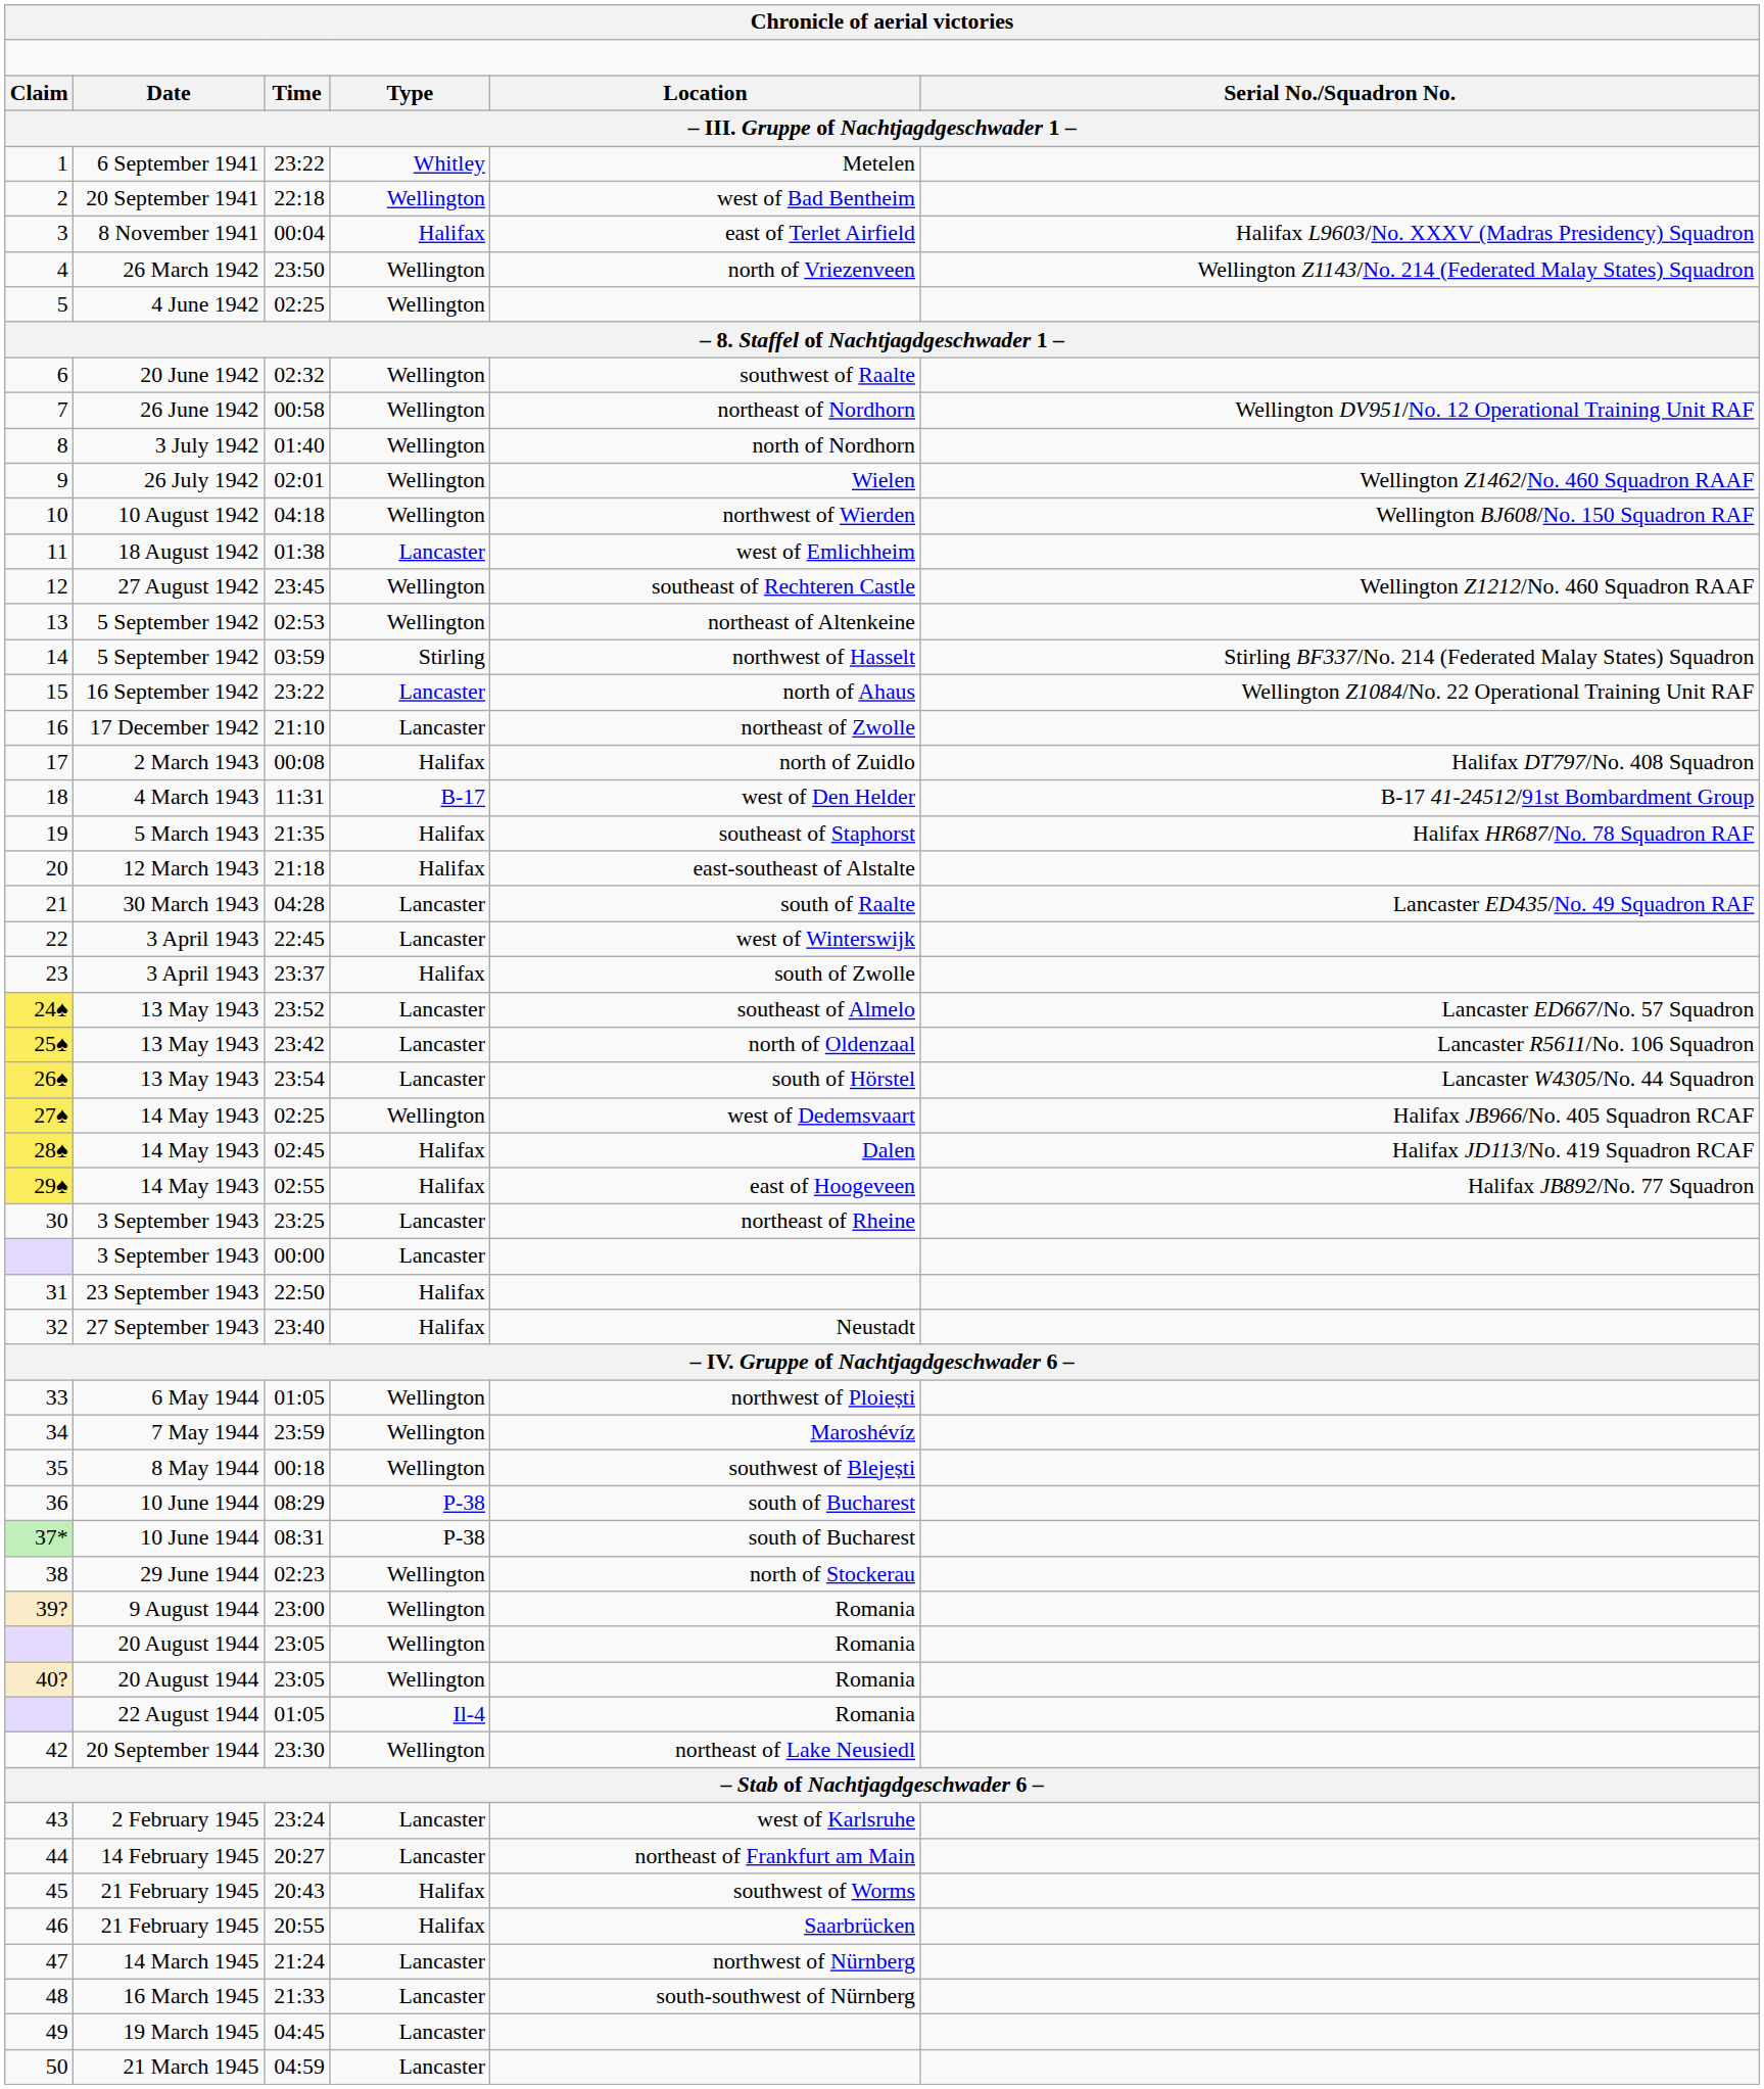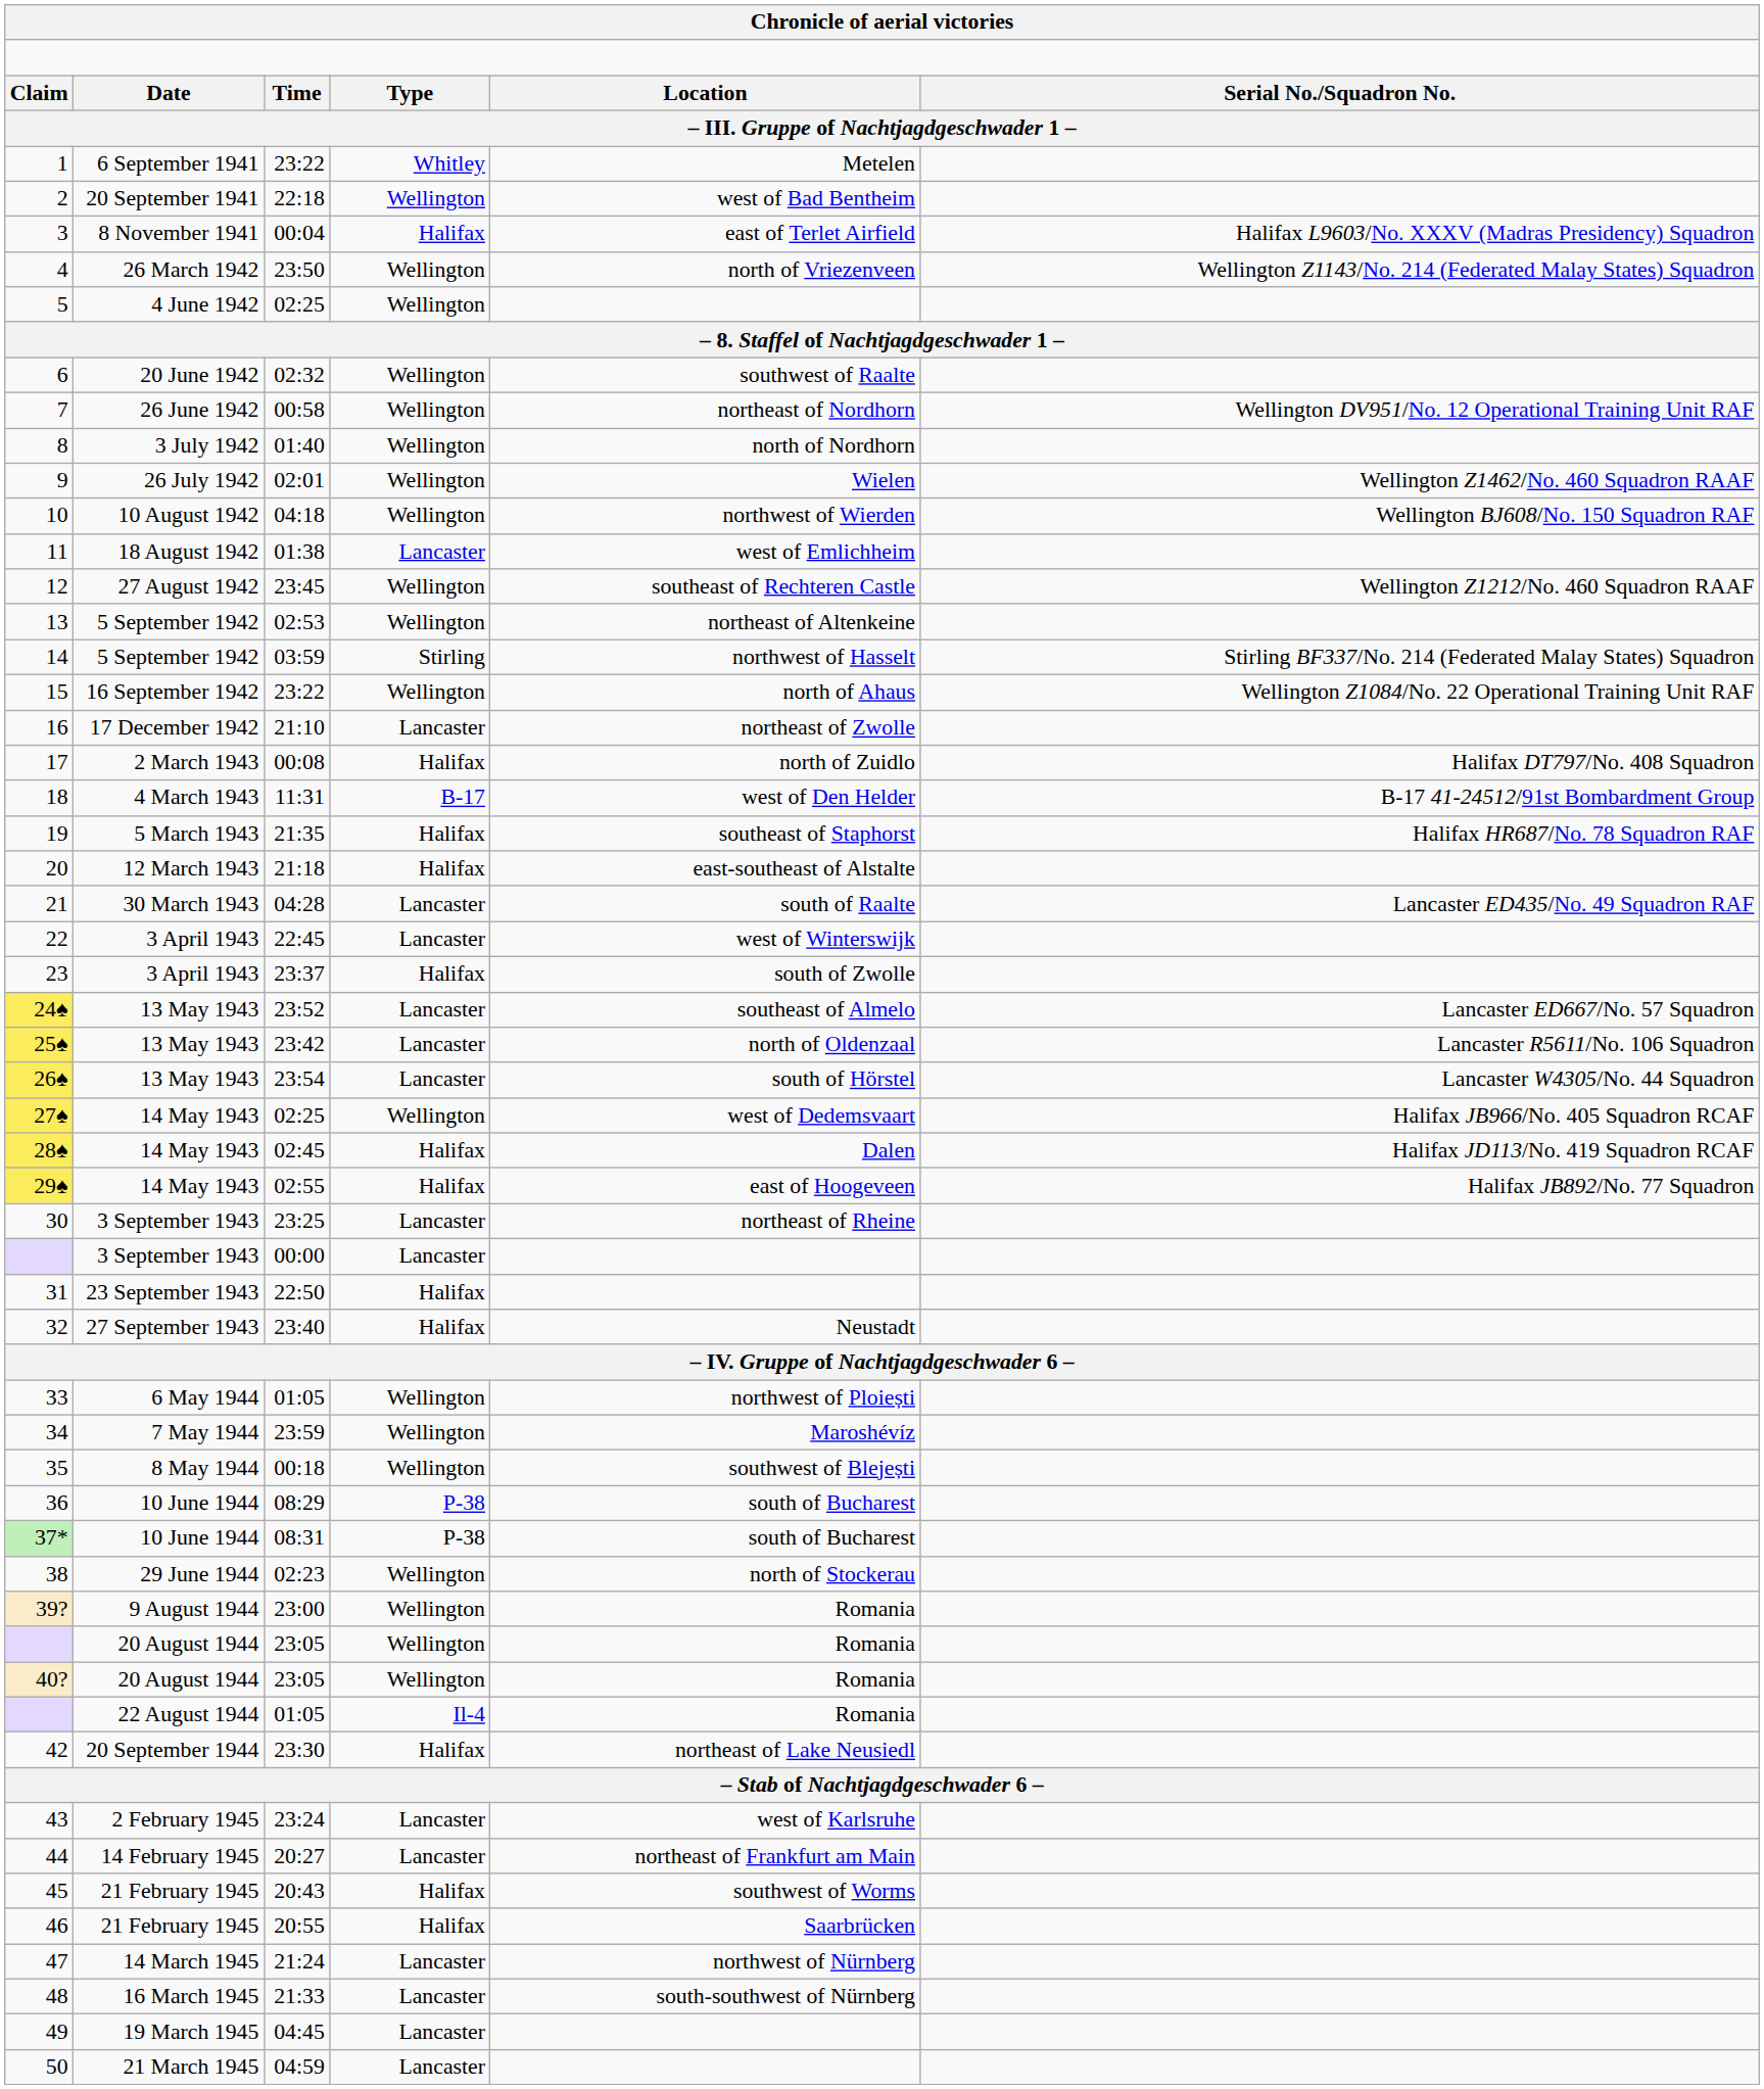 <table class="wikitable plainrowheaders collapsible" style="margin-left: auto; margin-right: auto; border: none; text-align:right; width: 100%;">
 <tr>
 <th colspan="6">Chronicle of aerial victories</th>
 </tr>
 <tr>
 <td colspan="6" style="text-align: left;"><br>   </td>
 </tr>
 <tr>
 <th scope="col" style="width:20px;">Claim</th>
 <th scope="col" style="width:130px;">Date</th>
 <th scope="col" style="width:40px;">Time</th>
 <th scope="col">Type</th>
 <th scope="col">Location</th>
 <th scope="col">Serial No./Squadron No.</th>
 </tr>
 <tr>
 <th colspan="6">– III. <em>Gruppe</em> of <em>Nachtjagdgeschwader</em> 1 –</th>
 </tr>
 <tr>
 <td>1</td>
 <td>6 September 1941</td>
 <td>23:22</td>
 <td><a href='#'>Whitley</a></td>
 <td>Metelen</td>
 <td></td>
 </tr>
 <tr>
 <td>2</td>
 <td>20 September 1941</td>
 <td>22:18</td>
 <td><a href='#'>Wellington</a></td>
 <td> west of <a href='#'>Bad Bentheim</a></td>
 <td></td>
 </tr>
 <tr>
 <td>3</td>
 <td>8 November 1941</td>
 <td>00:04</td>
 <td><a href='#'>Halifax</a></td>
 <td> east of <a href='#'>Terlet Airfield</a></td>
 <td>Halifax <em>L9603</em>/<a href='#'>No. XXXV (Madras Presidency) Squadron</a></td>
 </tr>
 <tr>
 <td>4</td>
 <td>26 March 1942</td>
 <td>23:50</td>
 <td>Wellington</td>
 <td> north of <a href='#'>Vriezenveen</a></td>
 <td>Wellington <em>Z1143</em>/<a href='#'>No. 214 (Federated Malay States) Squadron</a></td>
 </tr>
 <tr>
 <td>5</td>
 <td>4 June 1942</td>
 <td>02:25</td>
 <td>Wellington</td>
 <td></td>
 <td></td>
 </tr>
 <tr>
 <th colspan="6">– 8. <em>Staffel</em> of <em>Nachtjagdgeschwader</em> 1 –</th>
 </tr>
 <tr>
 <td>6</td>
 <td>20 June 1942</td>
 <td>02:32</td>
 <td>Wellington</td>
 <td> southwest of <a href='#'>Raalte</a></td>
 <td></td>
 </tr>
 <tr>
 <td>7</td>
 <td>26 June 1942</td>
 <td>00:58</td>
 <td>Wellington</td>
 <td> northeast of <a href='#'>Nordhorn</a></td>
 <td>Wellington <em>DV951</em>/<a href='#'>No. 12 Operational Training Unit RAF</a></td>
 </tr>
 <tr>
 <td>8</td>
 <td>3 July 1942</td>
 <td>01:40</td>
 <td>Wellington</td>
 <td> north of Nordhorn</td>
 <td></td>
 </tr>
 <tr>
 <td>9</td>
 <td>26 July 1942</td>
 <td>02:01</td>
 <td>Wellington</td>
 <td><a href='#'>Wielen</a></td>
 <td>Wellington <em>Z1462</em>/<a href='#'>No. 460 Squadron RAAF</a></td>
 </tr>
 <tr>
 <td>10</td>
 <td>10 August 1942</td>
 <td>04:18</td>
 <td>Wellington</td>
 <td> northwest of <a href='#'>Wierden</a></td>
 <td>Wellington <em>BJ608</em>/<a href='#'>No. 150 Squadron RAF</a></td>
 </tr>
 <tr>
 <td>11</td>
 <td>18 August 1942</td>
 <td>01:38</td>
 <td><a href='#'>Lancaster</a></td>
 <td> west of <a href='#'>Emlichheim</a></td>
 <td></td>
 </tr>
 <tr>
 <td>12</td>
 <td>27 August 1942</td>
 <td>23:45</td>
 <td>Wellington</td>
 <td> southeast of <a href='#'>Rechteren Castle</a></td>
 <td>Wellington <em>Z1212</em>/No. 460 Squadron RAAF</td>
 </tr>
 <tr>
 <td>13</td>
 <td>5 September 1942</td>
 <td>02:53</td>
 <td>Wellington</td>
 <td>northeast of Altenkeine</td>
 <td></td>
 </tr>
 <tr>
 <td>14</td>
 <td>5 September 1942</td>
 <td>03:59</td>
 <td>Stirling</td>
 <td> northwest of <a href='#'>Hasselt</a></td>
 <td>Stirling <em>BF337</em>/No. 214 (Federated Malay States) Squadron</td>
 </tr>
 <tr>
 <td>15</td>
 <td>16 September 1942</td>
 <td>23:22</td>
-<td><a href='#'>Lancaster</a></td>
+<td>Wellington</td>
 <td> north of <a href='#'>Ahaus</a></td>
 <td>Wellington <em>Z1084</em>/No. 22 Operational Training Unit RAF</td>
 </tr>
 <tr>
 <td>16</td>
 <td>17 December 1942</td>
 <td>21:10</td>
 <td>Lancaster</td>
 <td> northeast of <a href='#'>Zwolle</a></td>
 <td></td>
 </tr>
 <tr>
 <td>17</td>
 <td>2 March 1943</td>
 <td>00:08</td>
 <td>Halifax</td>
 <td> north of Zuidlo</td>
 <td>Halifax <em>DT797</em>/No. 408 Squadron</td>
 </tr>
 <tr>
 <td>18</td>
 <td>4 March 1943</td>
 <td>11:31</td>
 <td><a href='#'>B-17</a></td>
 <td>west of <a href='#'>Den Helder</a></td>
 <td>B-17 <em>41-24512</em>/<a href='#'>91st Bombardment Group</a></td>
 </tr>
 <tr>
 <td>19</td>
 <td>5 March 1943</td>
 <td>21:35</td>
 <td>Halifax</td>
 <td> southeast of <a href='#'>Staphorst</a></td>
 <td>Halifax <em>HR687</em>/<a href='#'>No. 78 Squadron RAF</a></td>
 </tr>
 <tr>
 <td>20</td>
 <td>12 March 1943</td>
 <td>21:18</td>
 <td>Halifax</td>
 <td> east-southeast of Alstalte</td>
 <td></td>
 </tr>
 <tr>
 <td>21</td>
 <td>30 March 1943</td>
 <td>04:28</td>
 <td>Lancaster</td>
 <td> south of <a href='#'>Raalte</a></td>
 <td>Lancaster <em>ED435</em>/<a href='#'>No. 49 Squadron RAF</a></td>
 </tr>
 <tr>
 <td>22</td>
 <td>3 April 1943</td>
 <td>22:45</td>
 <td>Lancaster</td>
 <td> west of <a href='#'>Winterswijk</a></td>
 <td></td>
 </tr>
 <tr>
 <td>23</td>
 <td>3 April 1943</td>
 <td>23:37</td>
 <td>Halifax</td>
 <td> south of Zwolle</td>
 <td></td>
 </tr>
 <tr>
 <td style="background:#fbec5d;">24♠</td>
 <td>13 May 1943</td>
 <td>23:52</td>
 <td>Lancaster</td>
 <td> southeast of <a href='#'>Almelo</a></td>
 <td>Lancaster <em>ED667</em>/No. 57 Squadron</td>
 </tr>
 <tr>
 <td style="background:#fbec5d;">25♠</td>
 <td>13 May 1943</td>
 <td>23:42</td>
 <td>Lancaster</td>
 <td> north of <a href='#'>Oldenzaal</a></td>
 <td>Lancaster <em>R5611</em>/No. 106 Squadron</td>
 </tr>
 <tr>
 <td style="background:#fbec5d;">26♠</td>
 <td>13 May 1943</td>
 <td>23:54</td>
 <td>Lancaster</td>
 <td> south of <a href='#'>Hörstel</a></td>
 <td>Lancaster <em>W4305</em>/No. 44 Squadron</td>
 </tr>
 <tr>
 <td style="background:#fbec5d;">27♠</td>
 <td>14 May 1943</td>
 <td>02:25</td>
 <td>Wellington</td>
 <td> west of <a href='#'>Dedemsvaart</a></td>
 <td>Halifax <em>JB966</em>/No. 405 Squadron RCAF</td>
 </tr>
 <tr>
 <td style="background:#fbec5d;">28♠</td>
 <td>14 May 1943</td>
 <td>02:45</td>
 <td>Halifax</td>
 <td><a href='#'>Dalen</a></td>
 <td>Halifax <em>JD113</em>/No. 419 Squadron RCAF</td>
 </tr>
 <tr>
 <td style="background:#fbec5d;">29♠</td>
 <td>14 May 1943</td>
 <td>02:55</td>
 <td>Halifax</td>
 <td> east of <a href='#'>Hoogeveen</a></td>
 <td>Halifax <em>JB892</em>/No. 77 Squadron</td>
 </tr>
 <tr>
 <td>30</td>
 <td>3 September 1943</td>
 <td>23:25</td>
 <td>Lancaster</td>
 <td> northeast of <a href='#'>Rheine</a></td>
 <td></td>
 </tr>
 <tr>
 <td style="background:#e3d9ff;"></td>
 <td>3 September 1943</td>
 <td>00:00</td>
 <td>Lancaster</td>
 <td></td>
 <td></td>
 </tr>
 <tr>
 <td>31</td>
 <td>23 September 1943</td>
 <td>22:50</td>
 <td>Halifax</td>
 <td></td>
 <td></td>
 </tr>
 <tr>
 <td>32</td>
 <td>27 September 1943</td>
 <td>23:40</td>
 <td>Halifax</td>
 <td>Neustadt</td>
 <td></td>
 </tr>
 <tr>
 <th colspan="6">– IV. <em>Gruppe</em> of <em>Nachtjagdgeschwader</em> 6 –</th>
 </tr>
 <tr>
 <td>33</td>
 <td>6 May 1944</td>
 <td>01:05</td>
 <td>Wellington</td>
 <td>northwest of <a href='#'>Ploiești</a></td>
 <td></td>
 </tr>
 <tr>
 <td>34</td>
 <td>7 May 1944</td>
 <td>23:59</td>
 <td>Wellington</td>
 <td><a href='#'>Maroshévíz</a></td>
 <td></td>
 </tr>
 <tr>
 <td>35</td>
 <td>8 May 1944</td>
 <td>00:18</td>
 <td>Wellington</td>
 <td>southwest of  <a href='#'>Blejești</a></td>
 <td></td>
 </tr>
 <tr>
 <td>36</td>
 <td>10 June 1944</td>
 <td>08:29</td>
 <td><a href='#'>P-38</a></td>
 <td>south of <a href='#'>Bucharest</a></td>
 <td></td>
 </tr>
 <tr>
 <td style="background:#C0EFBA">37*</td>
 <td>10 June 1944</td>
 <td>08:31</td>
 <td>P-38</td>
 <td>south of Bucharest</td>
 <td></td>
 </tr>
 <tr>
 <td>38</td>
 <td>29 June 1944</td>
 <td>02:23</td>
 <td>Wellington</td>
 <td>north of <a href='#'>Stockerau</a></td>
 <td></td>
 </tr>
 <tr>
 <td style="background:#faecc8">39?</td>
 <td>9 August 1944</td>
 <td>23:00</td>
 <td>Wellington</td>
 <td>Romania</td>
 <td></td>
 </tr>
 <tr>
 <td style="background:#e3d9ff;"></td>
 <td>20 August 1944</td>
 <td>23:05</td>
 <td>Wellington</td>
 <td>Romania</td>
 <td></td>
 </tr>
 <tr>
 <td style="background:#faecc8">40?</td>
 <td>20 August 1944</td>
 <td>23:05</td>
 <td>Wellington</td>
 <td>Romania</td>
 <td></td>
 </tr>
 <tr>
 <td style="background:#e3d9ff;"></td>
 <td>22 August 1944</td>
 <td>01:05</td>
 <td><a href='#'>Il-4</a></td>
 <td>Romania</td>
 <td></td>
 </tr>
 <tr>
 <td>42</td>
 <td>20 September 1944</td>
 <td>23:30</td>
-<td>Wellington</td>
+<td>Halifax</td>
 <td>northeast of <a href='#'>Lake Neusiedl</a></td>
 <td></td>
 </tr>
 <tr>
 <th colspan="6">– <em>Stab</em> of <em>Nachtjagdgeschwader</em> 6 –</th>
 </tr>
 <tr>
 <td>43</td>
 <td>2 February 1945</td>
 <td>23:24</td>
 <td>Lancaster</td>
 <td>west of <a href='#'>Karlsruhe</a></td>
 <td></td>
 </tr>
 <tr>
 <td>44</td>
 <td>14 February 1945</td>
 <td>20:27</td>
 <td>Lancaster</td>
 <td> northeast of <a href='#'>Frankfurt am Main</a></td>
 <td></td>
 </tr>
 <tr>
 <td>45</td>
 <td>21 February 1945</td>
 <td>20:43</td>
 <td>Halifax</td>
 <td>southwest of <a href='#'>Worms</a></td>
 <td></td>
 </tr>
 <tr>
 <td>46</td>
 <td>21 February 1945</td>
 <td>20:55</td>
 <td>Halifax</td>
 <td><a href='#'>Saarbrücken</a></td>
 <td></td>
 </tr>
 <tr>
 <td>47</td>
 <td>14 March 1945</td>
 <td>21:24</td>
 <td>Lancaster</td>
 <td>northwest of <a href='#'>Nürnberg</a></td>
 <td></td>
 </tr>
 <tr>
 <td>48</td>
 <td>16 March 1945</td>
 <td>21:33</td>
 <td>Lancaster</td>
 <td> south-southwest of Nürnberg</td>
 <td></td>
 </tr>
 <tr>
 <td>49</td>
 <td>19 March 1945</td>
 <td>04:45</td>
 <td>Lancaster</td>
 <td></td>
 <td></td>
 </tr>
 <tr>
 <td>50</td>
 <td>21 March 1945</td>
 <td>04:59</td>
 <td>Lancaster</td>
 <td></td>
 <td></td>
 </tr>
 </table>
